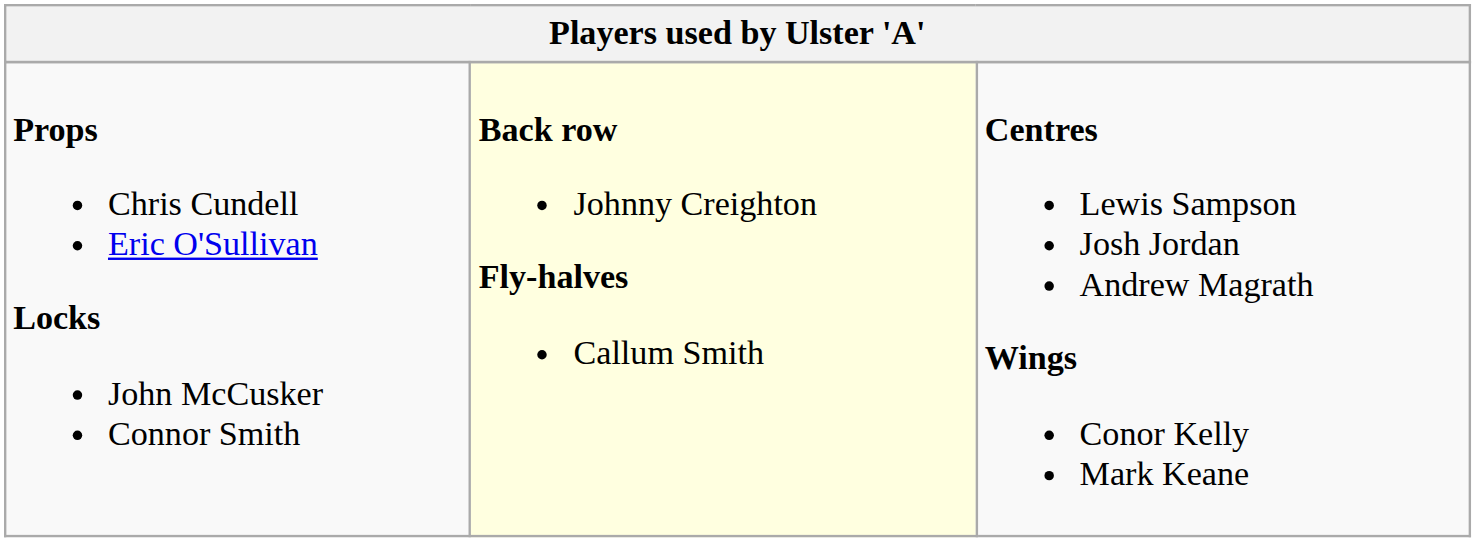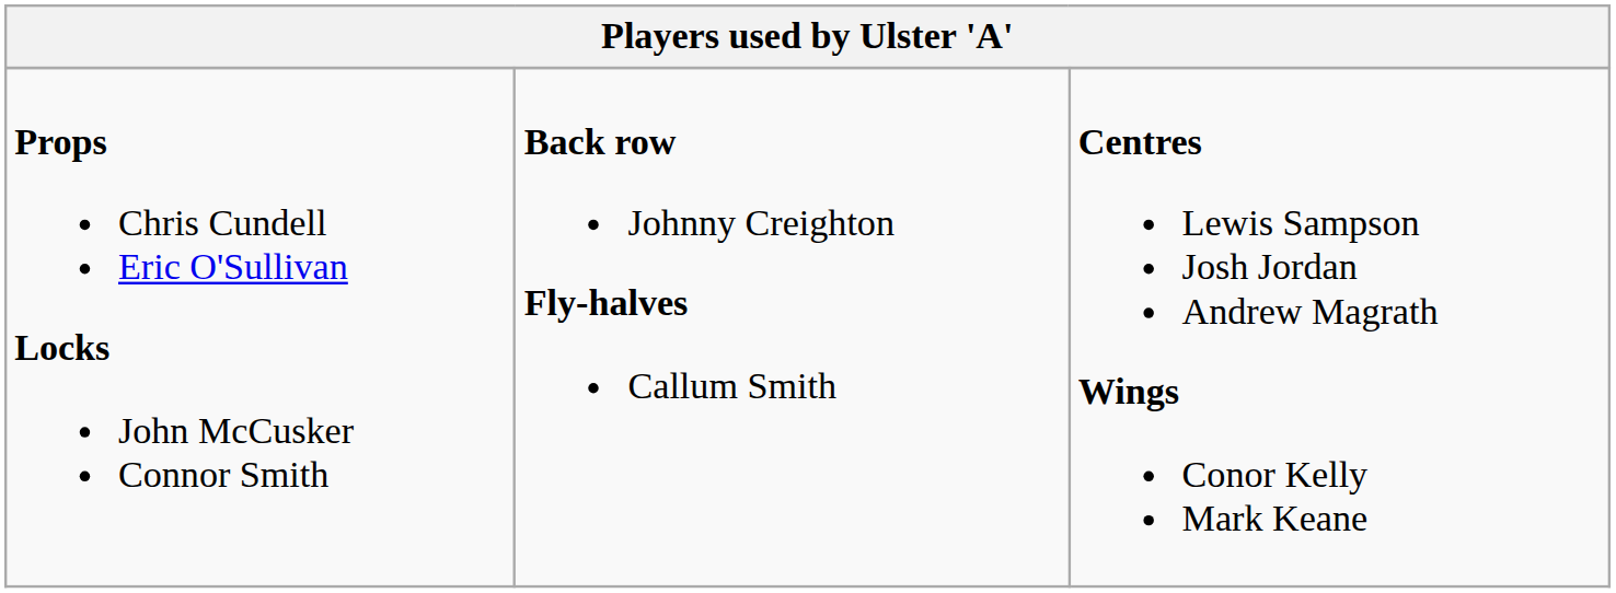 <table class="wikitable" style="text-align:left; font-size:90%; width:70%">
 <tr>
 <th colspan="100%">Players used by Ulster 'A'</th>
 </tr>
 <tr>
 </tr>
 <tr valign="top">
 <td><br><strong>Props</strong><ul><li> Chris Cundell</li><li> <a href='#'>Eric O'Sullivan</a></li></ul><strong>Locks</strong><ul><li> John McCusker</li><li> Connor Smith</li></ul></td>
-<td style="background: lightyellow;"><br><strong>Back row</strong><ul><li> Johnny Creighton</li></ul><strong>Fly-halves</strong><ul><li> Callum Smith</li></ul></td>
+<td><br><strong>Back row</strong><ul><li> Johnny Creighton</li></ul><strong>Fly-halves</strong><ul><li> Callum Smith</li></ul></td>
 <td><br><strong>Centres</strong><ul><li> Lewis Sampson</li><li> Josh Jordan</li><li> Andrew Magrath</li></ul><strong>Wings</strong><ul><li> Conor Kelly</li><li> Mark Keane</li></ul></td>
 </tr>
 </table>
